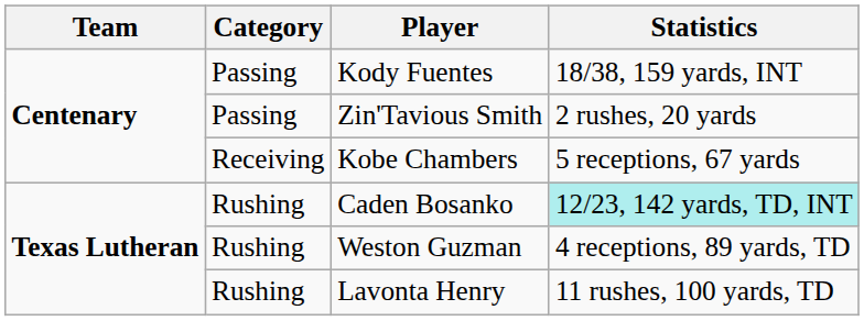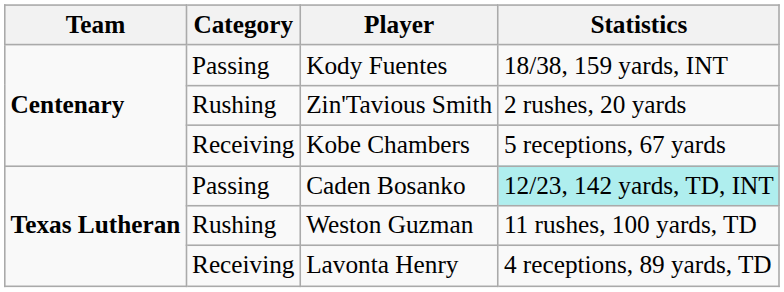 <table class="wikitable" style="float: left;">
 <tr>
 <th>Team</th>
 <th>Category</th>
 <th>Player</th>
 <th>Statistics</th>
 </tr>
 <tr>
 <td rowspan=3><strong>Centenary</strong></td>
 <td>Passing</td>
 <td>Kody Fuentes</td>
 <td>18/38, 159 yards, INT</td>
 </tr>
 <tr>
-<td>Passing</td>
+<td>Rushing</td>
 <td>Zin'Tavious Smith</td>
 <td>2 rushes, 20 yards</td>
 </tr>
 <tr>
 <td>Receiving</td>
 <td>Kobe Chambers</td>
 <td>5 receptions, 67 yards</td>
 </tr>
 <tr>
 <td rowspan=3><strong>Texas Lutheran</strong></td>
-<td>Rushing</td>
+<td>Passing</td>
 <td>Caden Bosanko</td>
 <td style="background: paleturquoise;">12/23, 142 yards, TD, INT</td>
 </tr>
 <tr>
 <td>Rushing</td>
 <td>Weston Guzman</td>
+<td>11 rushes, 100 yards, TD</td>
+</tr>
+<tr>
+<td>Receiving</td>
+<td>Lavonta Henry</td>
 <td>4 receptions, 89 yards, TD</td>
 </tr>
-<tr>
-<td>Rushing</td>
-<td>Lavonta Henry</td>
-<td>11 rushes, 100 yards, TD</td>
-</tr>
 </table>
